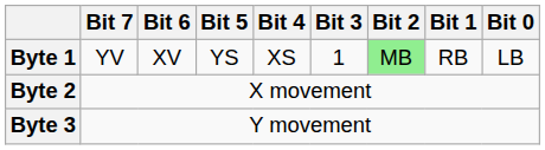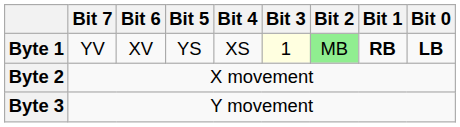 <table class="wikitable">
 <tr align=center>
 <th></th>
 <th>Bit 7</th>
 <th>Bit 6</th>
 <th>Bit 5</th>
 <th>Bit 4</th>
 <th>Bit 3</th>
 <th>Bit 2</th>
 <th>Bit 1</th>
 <th>Bit 0</th>
 </tr>
 <tr align=center>
 <th>Byte 1</th>
 <td>YV</td>
 <td>XV</td>
 <td>YS</td>
 <td>XS</td>
-<td>1</td>
+<td style="background: lightyellow;">1</td>
 <td style="background: lightgreen;">MB</td>
-<td>RB</td>
-<td>LB</td>
+<td><strong>RB</strong></td>
+<td><strong>LB</strong></td>
 </tr>
 <tr style="text-align:center;">
 <th>Byte 2</th>
 <td colspan="8">X movement</td>
 </tr>
 <tr style="text-align:center;">
 <th>Byte 3</th>
 <td colspan="8">Y movement</td>
 </tr>
 </table>
